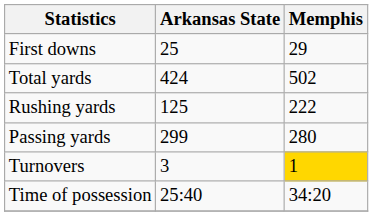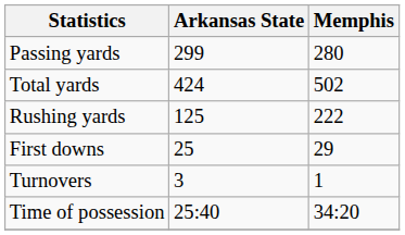 <table class="wikitable">
 <tr>
 <th>Statistics</th>
 <th>Arkansas State</th>
 <th>Memphis</th>
 </tr>
 <tr>
-<td>First downs</td>
-<td>25</td>
-<td>29</td>
+<td>Passing yards</td>
+<td>299</td>
+<td>280</td>
 </tr>
 <tr>
 <td>Total yards</td>
 <td>424</td>
 <td>502</td>
 </tr>
 <tr>
 <td>Rushing yards</td>
 <td>125</td>
 <td>222</td>
 </tr>
 <tr>
-<td>Passing yards</td>
-<td>299</td>
-<td>280</td>
+<td>First downs</td>
+<td>25</td>
+<td>29</td>
 </tr>
 <tr>
 <td>Turnovers</td>
 <td>3</td>
-<td style="background: gold;">1</td>
+<td>1</td>
 </tr>
 <tr>
 <td>Time of possession</td>
 <td>25:40</td>
 <td>34:20</td>
 </tr>
 <tr>
 </tr>
 </table>
